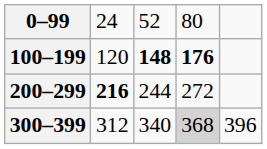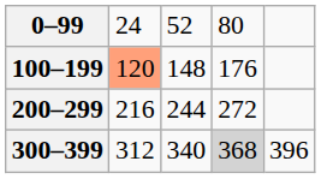 <table class="wikitable">
 <tr>
 <th>0–99</th>
 <td>24</td>
 <td>52</td>
 <td>80</td>
 <td></td>
 </tr>
 <tr>
 <th>100–199</th>
-<td>120</td>
-<td><strong>148</strong></td>
-<td><strong>176</strong></td>
+<td style="background: lightsalmon;">120</td>
+<td>148</td>
+<td>176</td>
 <td></td>
 </tr>
 <tr>
 <th>200–299</th>
-<td><strong>216</strong></td>
+<td>216</td>
 <td>244</td>
 <td>272</td>
 <td></td>
 </tr>
 <tr>
 <th>300–399</th>
 <td>312</td>
 <td>340</td>
 <td style="background: lightgrey;">368</td>
 <td>396</td>
 </tr>
 </table>
